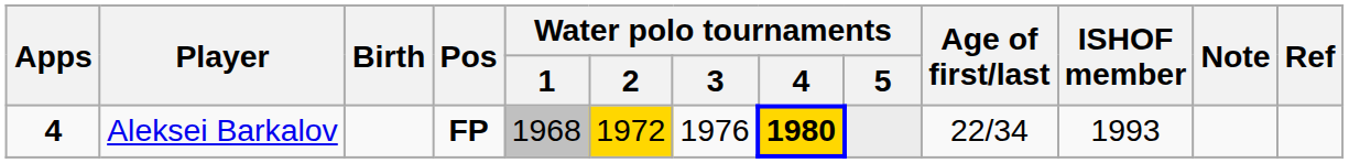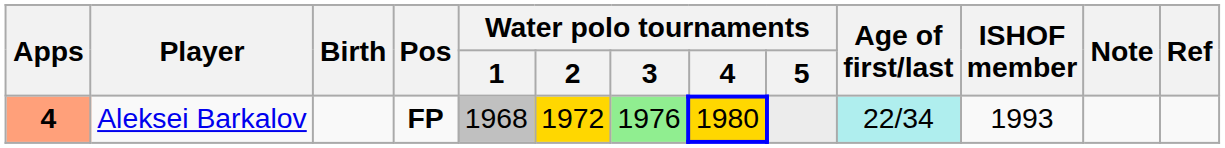 <table class="wikitable sortable" style="text-align: center; font-size: 90%; margin-left: 1em;">
 <tr>
 <th rowspan="2">Apps</th>
 <th rowspan="2">Player</th>
 <th rowspan="2">Birth</th>
 <th rowspan="2">Pos</th>
 <th colspan="5">Water polo tournaments</th>
 <th rowspan="2">Age of<br>first/last</th>
 <th rowspan="2">ISHOF<br>member</th>
 <th rowspan="2">Note</th>
 <th rowspan="2" class="unsortable">Ref</th>
 </tr>
 <tr>
 <th>1</th>
 <th style="width: 2em;" class="unsortable">2</th>
 <th style="width: 2em;" class="unsortable">3</th>
 <th style="width: 2em;" class="unsortable">4</th>
 <th style="width: 2em;" class="unsortable">5</th>
 </tr>
 <tr>
-<td><strong>4</strong></td>
+<td style="background: lightsalmon;"><strong>4</strong></td>
 <td style="text-align: left;" data-sort-value="Barkalov, Aleksei"><a href='#'>Aleksei Barkalov</a></td>
 <td></td>
 <td><strong>FP</strong></td>
 <td style="background-color: silver;">1968</td>
 <td style="background-color: gold;">1972</td>
-<td>1976</td>
-<td style="border: 2px solid blue; background-color: gold;"><strong>1980</strong></td>
+<td style="background: lightgreen;">1976</td>
+<td style="border: 2px solid blue; background-color: gold;">1980</td>
 <td style="background-color: #ececec;"></td>
-<td>22/34</td>
+<td style="background: paleturquoise;">22/34</td>
 <td>1993</td>
 <td style="text-align: left;"></td>
 <td></td>
 </tr>
 </table>
